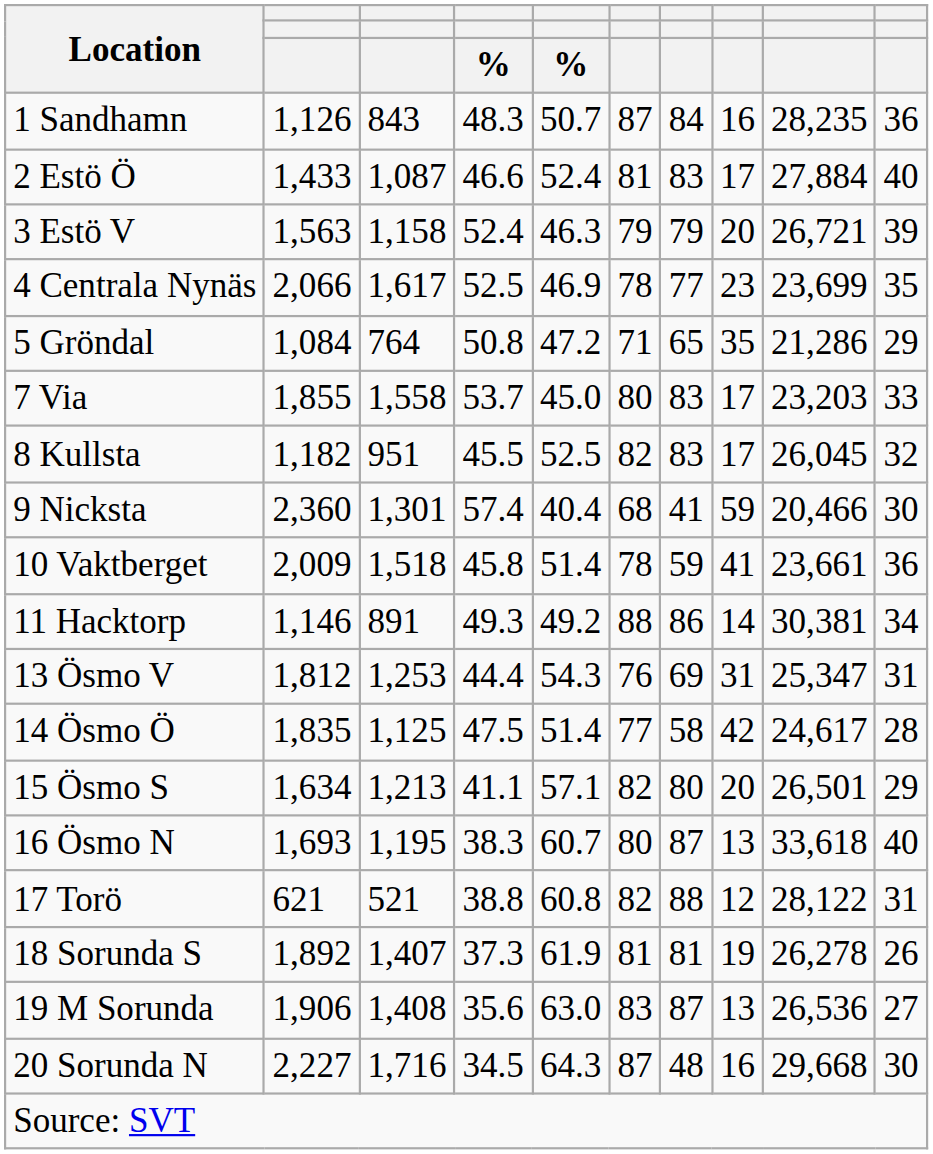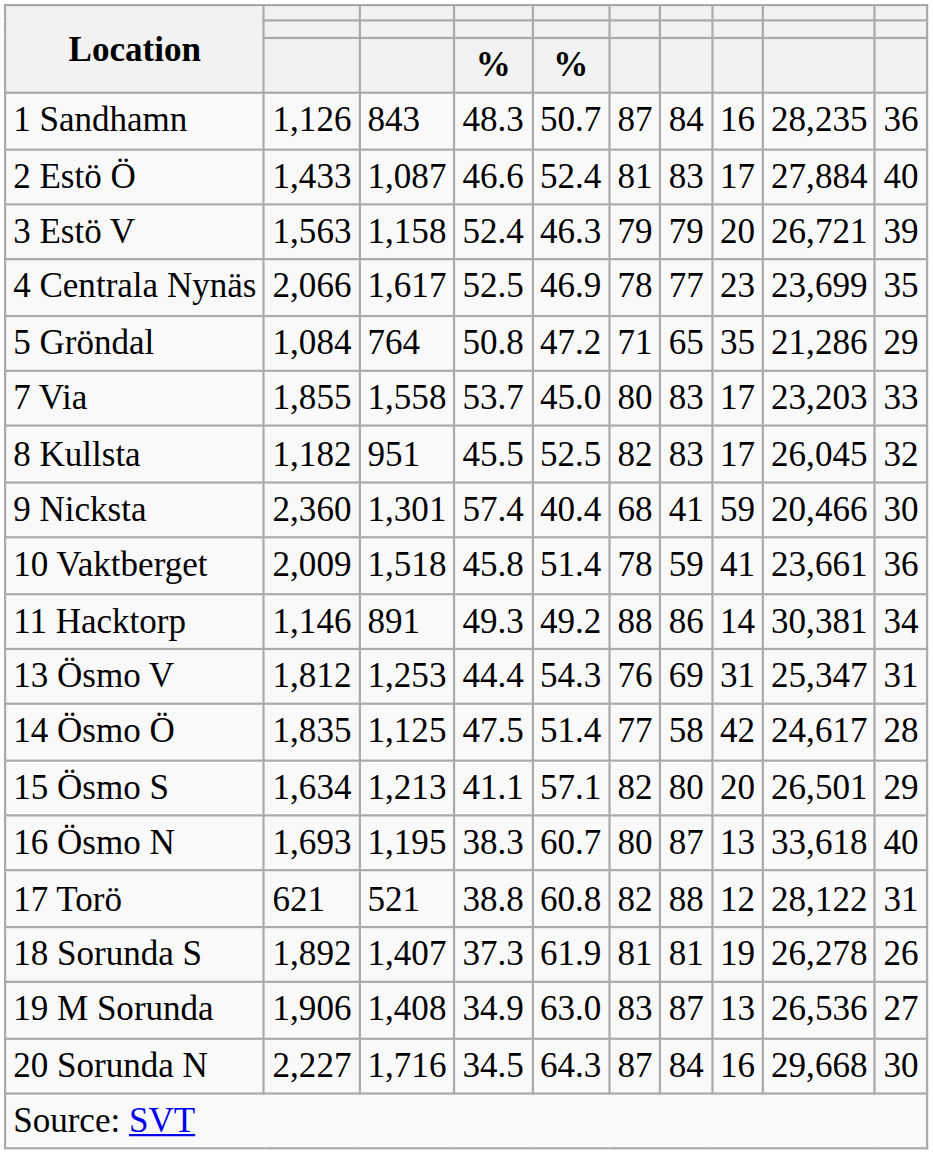 <table role="presentation" class="wikitable sortable mw-collapsible">
 <tr>
 <th rowspan="3">Location</th>
 <th></th>
 <th></th>
 <th></th>
 <th></th>
 <th></th>
 <th></th>
 <th></th>
 <th></th>
 <th></th>
 </tr>
 <tr>
 <th></th>
 <th></th>
 <th style="background:"></th>
 <th style="background:"></th>
 <th></th>
 <th></th>
 <th></th>
 <th></th>
 <th></th>
 </tr>
 <tr>
 <th data-sort-type="number"></th>
 <th data-sort-type="number"></th>
 <th data-sort-type="number">%</th>
 <th data-sort-type="number">%</th>
 <th data-sort-type="number"></th>
 <th data-sort-type="number"></th>
 <th data-sort-type="number"></th>
 <th data-sort-type="number"></th>
 <th data-sort-type="number"></th>
 </tr>
 <tr>
 <td align="left">1 Sandhamn</td>
 <td>1,126</td>
 <td>843</td>
 <td>48.3</td>
 <td>50.7</td>
 <td>87</td>
 <td>84</td>
 <td>16</td>
 <td>28,235</td>
 <td>36</td>
 </tr>
 <tr>
 <td align="left">2 Estö Ö</td>
 <td>1,433</td>
 <td>1,087</td>
 <td>46.6</td>
 <td>52.4</td>
 <td>81</td>
 <td>83</td>
 <td>17</td>
 <td>27,884</td>
 <td>40</td>
 </tr>
 <tr>
 <td align="left">3 Estö V</td>
 <td>1,563</td>
 <td>1,158</td>
 <td>52.4</td>
 <td>46.3</td>
 <td>79</td>
 <td>79</td>
 <td>20</td>
 <td>26,721</td>
 <td>39</td>
 </tr>
 <tr>
 <td align="left">4 Centrala Nynäs</td>
 <td>2,066</td>
 <td>1,617</td>
 <td>52.5</td>
 <td>46.9</td>
 <td>78</td>
 <td>77</td>
 <td>23</td>
 <td>23,699</td>
 <td>35</td>
 </tr>
 <tr>
 <td align="left">5 Gröndal</td>
 <td>1,084</td>
 <td>764</td>
 <td>50.8</td>
 <td>47.2</td>
 <td>71</td>
 <td>65</td>
 <td>35</td>
 <td>21,286</td>
 <td>29</td>
 </tr>
 <tr>
 <td align="left">7 Via</td>
 <td>1,855</td>
 <td>1,558</td>
 <td>53.7</td>
 <td>45.0</td>
 <td>80</td>
 <td>83</td>
 <td>17</td>
 <td>23,203</td>
 <td>33</td>
 </tr>
 <tr>
 <td align="left">8 Kullsta</td>
 <td>1,182</td>
 <td>951</td>
 <td>45.5</td>
 <td>52.5</td>
 <td>82</td>
 <td>83</td>
 <td>17</td>
 <td>26,045</td>
 <td>32</td>
 </tr>
 <tr>
 <td align="left">9 Nicksta</td>
 <td>2,360</td>
 <td>1,301</td>
 <td>57.4</td>
 <td>40.4</td>
 <td>68</td>
 <td>41</td>
 <td>59</td>
 <td>20,466</td>
 <td>30</td>
 </tr>
 <tr>
 <td align="left">10 Vaktberget</td>
 <td>2,009</td>
 <td>1,518</td>
 <td>45.8</td>
 <td>51.4</td>
 <td>78</td>
 <td>59</td>
 <td>41</td>
 <td>23,661</td>
 <td>36</td>
 </tr>
 <tr>
 <td align="left">11 Hacktorp</td>
 <td>1,146</td>
 <td>891</td>
 <td>49.3</td>
 <td>49.2</td>
 <td>88</td>
 <td>86</td>
 <td>14</td>
 <td>30,381</td>
 <td>34</td>
 </tr>
 <tr>
 <td align="left">13 Ösmo V</td>
 <td>1,812</td>
 <td>1,253</td>
 <td>44.4</td>
 <td>54.3</td>
 <td>76</td>
 <td>69</td>
 <td>31</td>
 <td>25,347</td>
 <td>31</td>
 </tr>
 <tr>
 <td align="left">14 Ösmo Ö</td>
 <td>1,835</td>
 <td>1,125</td>
 <td>47.5</td>
 <td>51.4</td>
 <td>77</td>
 <td>58</td>
 <td>42</td>
 <td>24,617</td>
 <td>28</td>
 </tr>
 <tr>
 <td align="left">15 Ösmo S</td>
 <td>1,634</td>
 <td>1,213</td>
 <td>41.1</td>
 <td>57.1</td>
 <td>82</td>
 <td>80</td>
 <td>20</td>
 <td>26,501</td>
 <td>29</td>
 </tr>
 <tr>
 <td align="left">16 Ösmo N</td>
 <td>1,693</td>
 <td>1,195</td>
 <td>38.3</td>
 <td>60.7</td>
 <td>80</td>
 <td>87</td>
 <td>13</td>
 <td>33,618</td>
 <td>40</td>
 </tr>
 <tr>
 <td align="left">17 Torö</td>
 <td>621</td>
 <td>521</td>
 <td>38.8</td>
 <td>60.8</td>
 <td>82</td>
 <td>88</td>
 <td>12</td>
 <td>28,122</td>
 <td>31</td>
 </tr>
 <tr>
 <td align="left">18 Sorunda S</td>
 <td>1,892</td>
 <td>1,407</td>
 <td>37.3</td>
 <td>61.9</td>
 <td>81</td>
 <td>81</td>
 <td>19</td>
 <td>26,278</td>
 <td>26</td>
 </tr>
 <tr>
 <td align="left">19 M Sorunda</td>
 <td>1,906</td>
 <td>1,408</td>
-<td>35.6</td>
+<td>34.9</td>
 <td>63.0</td>
 <td>83</td>
 <td>87</td>
 <td>13</td>
 <td>26,536</td>
 <td>27</td>
 </tr>
 <tr>
 <td align="left">20 Sorunda N</td>
 <td>2,227</td>
 <td>1,716</td>
 <td>34.5</td>
 <td>64.3</td>
 <td>87</td>
-<td>48</td>
+<td>84</td>
 <td>16</td>
 <td>29,668</td>
 <td>30</td>
 </tr>
 <tr>
 <td colspan="10" align="left">Source: <a href='#'>SVT</a></td>
 </tr>
 </table>
